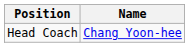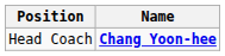 <table class="wikitable">
 <tr>
 <th>Position</th>
 <th>Name</th>
 </tr>
 <tr>
 <td>Head Coach</td>
-<td> <a href='#'>Chang Yoon-hee</a></td>
+<td><strong> <a href='#'>Chang Yoon-hee</a></strong></td>
 </tr>
 </table>
